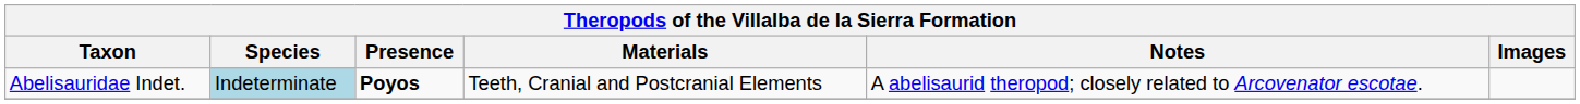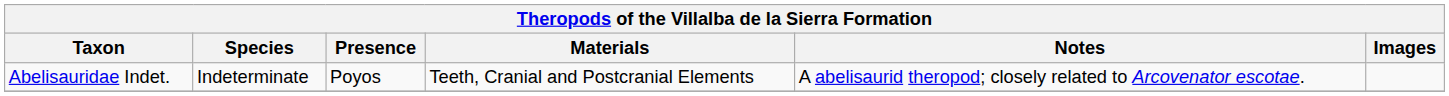 <table class="wikitable" align="center" width="100%">
 <tr>
 <th colspan="6" align="center"><strong><a href='#'>Theropods</a> of the Villalba de la Sierra Formation</strong></th>
 </tr>
 <tr>
 <th>Taxon</th>
 <th>Species</th>
 <th>Presence</th>
 <th>Materials</th>
 <th>Notes</th>
 <th>Images</th>
 </tr>
 <tr>
 <td><a href='#'>Abelisauridae</a> Indet.</td>
-<td style="background: lightblue;">Indeterminate</td>
-<td><strong>Poyos</strong></td>
+<td>Indeterminate</td>
+<td>Poyos</td>
 <td>Teeth, Cranial and Postcranial Elements</td>
 <td>A <a href='#'>abelisaurid</a> <a href='#'>theropod</a>; closely related to <em><a href='#'>Arcovenator escotae</a></em>.</td>
 <td></td>
 </tr>
 <tr>
 </tr>
 </table>
